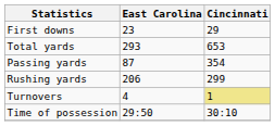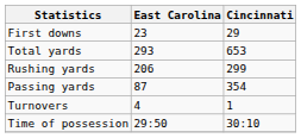 <table class="wikitable">
 <tr>
 <th>Statistics</th>
 <th>East Carolina</th>
 <th>Cincinnati</th>
 </tr>
 <tr>
 <td>First downs</td>
 <td>23</td>
 <td>29</td>
 </tr>
 <tr>
 <td>Total yards</td>
 <td>293</td>
 <td>653</td>
 </tr>
 <tr>
+<td>Rushing yards</td>
+<td>206</td>
+<td>299</td>
+</tr>
+<tr>
 <td>Passing yards</td>
 <td>87</td>
 <td>354</td>
 </tr>
 <tr>
-<td>Rushing yards</td>
-<td>206</td>
-<td>299</td>
-</tr>
-<tr>
 <td>Turnovers</td>
 <td>4</td>
-<td style="background: khaki;">1</td>
+<td>1</td>
 </tr>
 <tr>
 <td>Time of possession</td>
 <td>29:50</td>
 <td>30:10</td>
 </tr>
 <tr>
 </tr>
 </table>
